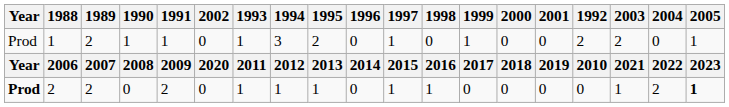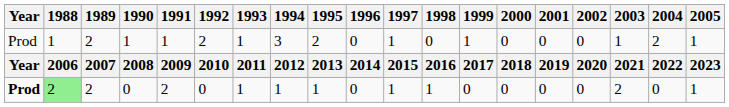 <table class="wikitable">
 <tr>
 <th>Year</th>
 <th>1988</th>
 <th>1989</th>
 <th>1990</th>
 <th>1991</th>
-<th>2002</th>
+<th>1992</th>
 <th>1993</th>
 <th>1994</th>
 <th>1995</th>
 <th>1996</th>
 <th>1997</th>
 <th>1998</th>
 <th>1999</th>
 <th>2000</th>
 <th>2001</th>
-<th>1992</th>
+<th>2002</th>
 <th>2003</th>
 <th>2004</th>
 <th>2005</th>
 </tr>
 <tr>
 <td>Prod</td>
 <td>1</td>
 <td>2</td>
 <td>1</td>
 <td>1</td>
-<td>0</td>
+<td>2</td>
 <td>1</td>
 <td>3</td>
 <td>2</td>
 <td>0</td>
 <td>1</td>
 <td>0</td>
 <td>1</td>
 <td>0</td>
 <td>0</td>
+<td>0</td>
+<td>1</td>
 <td>2</td>
-<td>2</td>
-<td>0</td>
 <td>1</td>
 </tr>
 <tr>
 <th>Year</th>
 <th>2006</th>
 <th>2007</th>
 <th>2008</th>
 <th>2009</th>
-<th>2020</th>
+<th>2010</th>
 <th>2011</th>
 <th>2012</th>
 <th>2013</th>
 <th>2014</th>
 <th>2015</th>
 <th>2016</th>
 <th>2017</th>
 <th>2018</th>
 <th>2019</th>
-<th>2010</th>
+<th>2020</th>
 <th>2021</th>
 <th>2022</th>
 <th>2023</th>
 </tr>
 <tr>
 <td><strong>Prod</strong></td>
-<td>2</td>
+<td style="background: lightgreen;">2</td>
 <td>2</td>
 <td>0</td>
 <td>2</td>
 <td>0</td>
 <td>1</td>
 <td>1</td>
 <td>1</td>
 <td>0</td>
 <td>1</td>
 <td>1</td>
 <td>0</td>
 <td>0</td>
 <td>0</td>
 <td>0</td>
+<td>2</td>
+<td>0</td>
 <td>1</td>
-<td>2</td>
-<td><strong>1</strong></td>
 </tr>
 </table>
